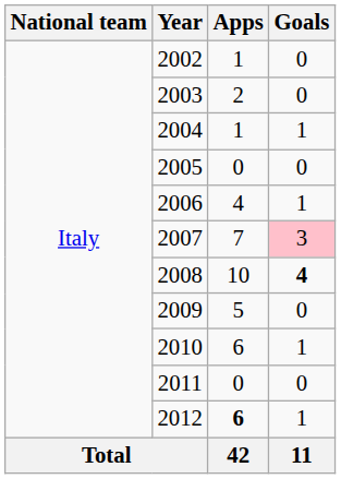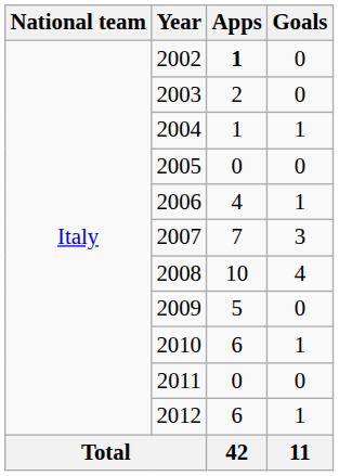 <table class="wikitable" style="text-align:center">
 <tr>
 <th>National team</th>
 <th>Year</th>
 <th>Apps</th>
 <th>Goals</th>
 </tr>
 <tr>
 <td rowspan="11"><a href='#'>Italy</a></td>
 <td>2002</td>
-<td>1</td>
+<td><strong>1</strong></td>
 <td>0</td>
 </tr>
 <tr>
 <td>2003</td>
 <td>2</td>
 <td>0</td>
 </tr>
 <tr>
 <td>2004</td>
 <td>1</td>
 <td>1</td>
 </tr>
 <tr>
 <td>2005</td>
 <td>0</td>
 <td>0</td>
 </tr>
 <tr>
 <td>2006</td>
 <td>4</td>
 <td>1</td>
 </tr>
 <tr>
 <td>2007</td>
 <td>7</td>
-<td style="background: pink;">3</td>
+<td>3</td>
 </tr>
 <tr>
 <td>2008</td>
 <td>10</td>
-<td><strong>4</strong></td>
+<td>4</td>
 </tr>
 <tr>
 <td>2009</td>
 <td>5</td>
 <td>0</td>
 </tr>
 <tr>
 <td>2010</td>
 <td>6</td>
 <td>1</td>
 </tr>
 <tr>
 <td>2011</td>
 <td>0</td>
 <td>0</td>
 </tr>
 <tr>
 <td>2012</td>
-<td><strong>6</strong></td>
+<td>6</td>
 <td>1</td>
 </tr>
 <tr>
 <th colspan="2">Total</th>
 <th>42</th>
 <th>11</th>
 </tr>
 </table>
